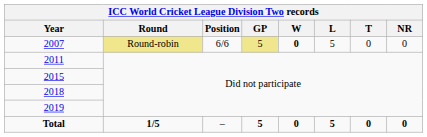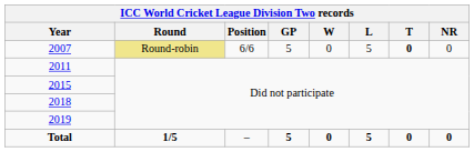 <table class="wikitable" style="text-align: center; width=900px;">
 <tr>
 <th colspan=9><a href='#'>ICC World Cricket League Division Two</a> records</th>
 </tr>
 <tr>
 <th width=150>Year</th>
 <th width=150>Round</th>
 <th width=50>Position</th>
 <th width=50>GP</th>
 <th width=50>W</th>
 <th width=50>L</th>
 <th width=50>T</th>
 <th width=50>NR</th>
 </tr>
 <tr>
 <td> <a href='#'>2007</a></td>
 <td style="background: khaki;">Round-robin</td>
 <td>6/6</td>
-<td style="background: khaki;">5</td>
-<td><strong>0</strong></td>
 <td>5</td>
 <td>0</td>
+<td>5</td>
+<td><strong>0</strong></td>
 <td>0</td>
 </tr>
 <tr>
 <td> <a href='#'>2011</a></td>
 <td colspan=8 rowspan=4>Did not participate</td>
 </tr>
 <tr>
 <td> <a href='#'>2015</a></td>
 </tr>
 <tr>
 <td> <a href='#'>2018</a></td>
 </tr>
 <tr>
 <td> <a href='#'>2019</a></td>
 </tr>
 <tr>
 <td><strong>Total</strong></td>
 <td><strong>1/5</strong></td>
 <td>–</td>
 <td><strong>5</strong></td>
 <td><strong>0</strong></td>
 <td><strong>5</strong></td>
 <td><strong>0</strong></td>
 <td><strong>0</strong></td>
 </tr>
 </table>
